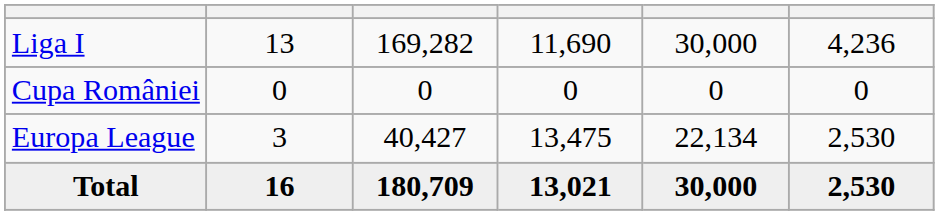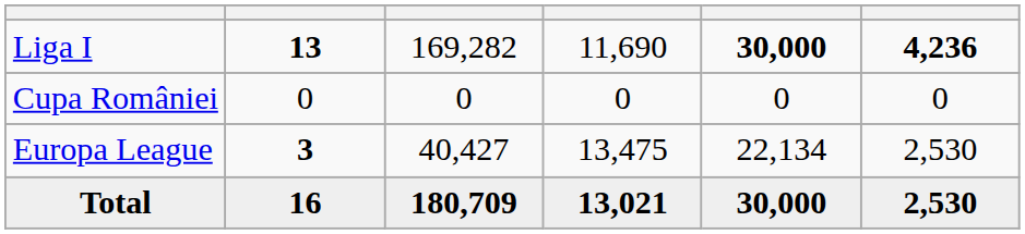 <table class="wikitable" style="text-align: center;">
 <tr>
 <th></th>
 <th style="width:70px;"></th>
 <th style="width:70px;"></th>
 <th style="width:70px;"></th>
 <th style="width:70px;"></th>
 <th style="width:70px;"></th>
 </tr>
 <tr>
 <td align=left><a href='#'>Liga I</a></td>
-<td>13</td>
+<td><strong>13</strong></td>
 <td>169,282</td>
 <td>11,690</td>
-<td>30,000</td>
-<td>4,236</td>
+<td><strong>30,000</strong></td>
+<td><strong>4,236</strong></td>
 </tr>
 <tr>
 <td align=left><a href='#'>Cupa României</a></td>
 <td>0</td>
 <td>0</td>
 <td>0</td>
 <td>0</td>
 <td>0</td>
 </tr>
 <tr>
 <td align=left><a href='#'>Europa League</a></td>
-<td>3</td>
+<td><strong>3</strong></td>
 <td>40,427</td>
 <td>13,475</td>
 <td>22,134</td>
 <td>2,530</td>
 </tr>
 <tr bgcolor="#EFEFEF">
 <td><strong>Total</strong></td>
 <td><strong>16</strong></td>
 <td><strong>180,709</strong></td>
 <td><strong>13,021</strong></td>
 <td><strong>30,000</strong></td>
 <td><strong>2,530</strong></td>
 </tr>
 </table>
